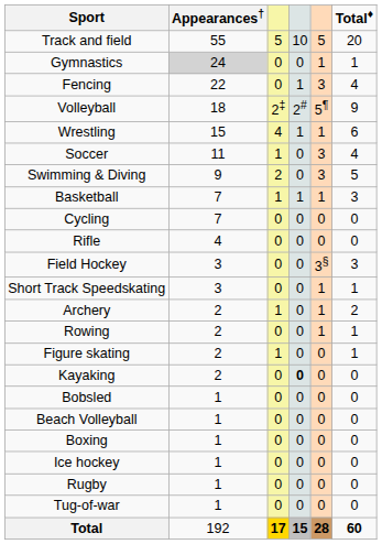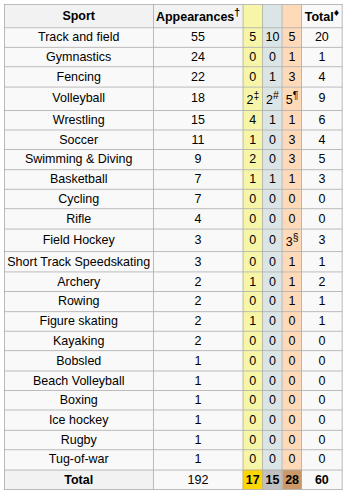 <table class="wikitable">
 <tr>
 <th><strong>Sport</strong></th>
 <th>Appearances<sup>†</sup></th>
 <td bgcolor=#f7f6a8></td>
 <td bgcolor=#dce5e5></td>
 <td bgcolor=#ffdab9></td>
 <td><strong>Total</strong><sup>♦</sup></td>
 </tr>
 <tr align=center>
 <td>Track and field</td>
 <td>55</td>
 <td style="background:#f7f6a8;">5</td>
 <td style="background:#dce5e5;">10</td>
 <td style="background:#ffdab9;">5</td>
 <td>20</td>
 </tr>
 <tr align=center>
 <td>Gymnastics</td>
-<td style="background: lightgrey;">24</td>
+<td>24</td>
 <td style="background:#f7f6a8;">0</td>
 <td style="background:#dce5e5;">0</td>
 <td style="background:#ffdab9;">1</td>
 <td>1</td>
 </tr>
 <tr align=center>
 <td>Fencing</td>
 <td>22</td>
 <td style="background:#f7f6a8;">0</td>
 <td style="background:#dce5e5;">1</td>
 <td style="background:#ffdab9;">3</td>
 <td>4</td>
 </tr>
 <tr align=center>
 <td>Volleyball</td>
 <td>18</td>
 <td style="background:#f7f6a8;">2<sup>‡</sup></td>
 <td style="background:#dce5e5;">2<sup>#</sup></td>
 <td style="background:#ffdab9;">5<sup>¶</sup></td>
 <td>9</td>
 </tr>
 <tr align=center>
 <td>Wrestling</td>
 <td>15</td>
 <td style="background:#f7f6a8;">4</td>
 <td style="background:#dce5e5;">1</td>
 <td style="background:#ffdab9;">1</td>
 <td>6</td>
 </tr>
 <tr align=center>
 <td>Soccer</td>
 <td>11</td>
 <td style="background:#f7f6a8;">1</td>
 <td style="background:#dce5e5;">0</td>
 <td style="background:#ffdab9;">3</td>
 <td>4</td>
 </tr>
 <tr align=center>
 <td>Swimming & Diving</td>
 <td>9</td>
 <td style="background:#f7f6a8;">2</td>
 <td style="background:#dce5e5;">0</td>
 <td style="background:#ffdab9;">3</td>
 <td>5</td>
 </tr>
 <tr align=center>
 <td>Basketball</td>
 <td>7</td>
 <td style="background:#f7f6a8;">1</td>
 <td style="background:#dce5e5;">1</td>
 <td style="background:#ffdab9;">1</td>
 <td>3</td>
 </tr>
 <tr align=center>
 <td>Cycling</td>
 <td>7</td>
 <td style="background:#f7f6a8;">0</td>
 <td style="background:#dce5e5;">0</td>
 <td style="background:#ffdab9;">0</td>
 <td>0</td>
 </tr>
 <tr align=center>
 <td>Rifle</td>
 <td>4</td>
 <td style="background:#f7f6a8;">0</td>
 <td style="background:#dce5e5;">0</td>
 <td style="background:#ffdab9;">0</td>
 <td>0</td>
 </tr>
 <tr align=center>
 <td>Field Hockey</td>
 <td>3</td>
 <td style="background:#f7f6a8;">0</td>
 <td style="background:#dce5e5;">0</td>
 <td style="background:#ffdab9;">3<sup>§</sup></td>
 <td>3</td>
 </tr>
 <tr align=center>
 <td>Short Track Speedskating</td>
 <td>3</td>
 <td style="background:#f7f6a8;">0</td>
 <td style="background:#dce5e5;">0</td>
 <td style="background:#ffdab9;">1</td>
 <td>1</td>
 </tr>
 <tr align=center>
 <td>Archery</td>
 <td>2</td>
 <td style="background:#f7f6a8;">1</td>
 <td style="background:#dce5e5;">0</td>
 <td style="background:#ffdab9;">1</td>
 <td>2</td>
 </tr>
 <tr align=center>
 <td>Rowing</td>
 <td>2</td>
 <td style="background:#f7f6a8;">0</td>
 <td style="background:#dce5e5;">0</td>
 <td style="background:#ffdab9;">1</td>
 <td>1</td>
 </tr>
 <tr align=center>
 <td>Figure skating</td>
 <td>2</td>
 <td style="background:#f7f6a8;">1</td>
 <td style="background:#dce5e5;">0</td>
 <td style="background:#ffdab9;">0</td>
 <td>1</td>
 </tr>
 <tr align=center>
 <td>Kayaking</td>
 <td>2</td>
 <td style="background:#f7f6a8;">0</td>
-<td style="background:#dce5e5;"><strong>0</strong></td>
+<td style="background:#dce5e5;">0</td>
 <td style="background:#ffdab9;">0</td>
 <td>0</td>
 </tr>
 <tr align=center>
 <td>Bobsled</td>
 <td>1</td>
 <td style="background:#f7f6a8;">0</td>
 <td style="background:#dce5e5;">0</td>
 <td style="background:#ffdab9;">0</td>
 <td>0</td>
 </tr>
 <tr align=center>
 <td>Beach Volleyball</td>
 <td>1</td>
 <td style="background:#f7f6a8;">0</td>
 <td style="background:#dce5e5;">0</td>
 <td style="background:#ffdab9;">0</td>
 <td>0</td>
 </tr>
 <tr align=center>
 <td>Boxing</td>
 <td>1</td>
 <td style="background:#f7f6a8;">0</td>
 <td style="background:#dce5e5;">0</td>
 <td style="background:#ffdab9;">0</td>
 <td>0</td>
 </tr>
 <tr align=center>
 <td>Ice hockey</td>
 <td>1</td>
 <td style="background:#f7f6a8;">0</td>
 <td style="background:#dce5e5;">0</td>
 <td style="background:#ffdab9;">0</td>
 <td>0</td>
 </tr>
 <tr align=center>
 <td>Rugby</td>
 <td>1</td>
 <td style="background:#f7f6a8;">0</td>
 <td style="background:#dce5e5;">0</td>
 <td style="background:#ffdab9;">0</td>
 <td>0</td>
 </tr>
 <tr align=center>
 <td>Tug-of-war</td>
 <td>1</td>
 <td style="background:#f7f6a8;">0</td>
 <td style="background:#dce5e5;">0</td>
 <td style="background:#ffdab9;">0</td>
 <td>0</td>
 </tr>
 <tr align=center>
 <th><strong>Total</strong></th>
 <td>192</td>
 <td style="background:gold;"><strong>17</strong></td>
 <td style="background:silver;"><strong>15</strong></td>
 <td style="background:#c96;"><strong>28</strong></td>
 <td><strong>60</strong></td>
 </tr>
 </table>
